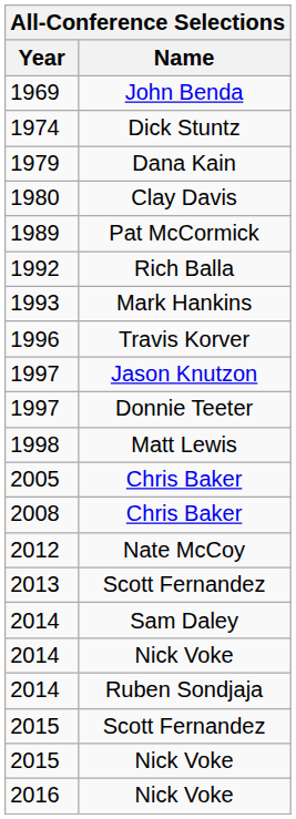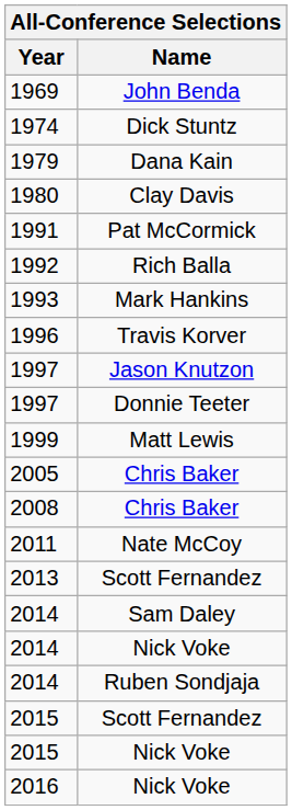 <table class="wikitable">
 <tr>
 <th colspan="2">All-Conference Selections</th>
 </tr>
 <tr>
 <th scope="col">Year</th>
 <th scope="col">Name</th>
 </tr>
 <tr>
 <td>1969</td>
 <td style="text-align: center;"><a href='#'>John Benda</a></td>
 </tr>
 <tr>
 <td>1974</td>
 <td style="text-align: center;">Dick Stuntz</td>
 </tr>
 <tr>
 <td>1979</td>
 <td style="text-align: center;">Dana Kain</td>
 </tr>
 <tr>
 <td>1980</td>
 <td style="text-align: center;">Clay Davis</td>
 </tr>
 <tr>
-<td>1989</td>
+<td>1991</td>
 <td style="text-align: center;">Pat McCormick</td>
 </tr>
 <tr>
 <td>1992</td>
 <td style="text-align: center;">Rich Balla</td>
 </tr>
 <tr>
 <td>1993</td>
 <td style="text-align: center;">Mark Hankins</td>
 </tr>
 <tr>
 <td>1996</td>
 <td style="text-align: center;">Travis Korver</td>
 </tr>
 <tr>
 <td>1997</td>
 <td style="text-align: center;"><a href='#'>Jason Knutzon</a></td>
 </tr>
 <tr>
 <td>1997</td>
 <td style="text-align: center;">Donnie Teeter</td>
 </tr>
 <tr>
-<td>1998</td>
+<td>1999</td>
 <td style="text-align: center;">Matt Lewis</td>
 </tr>
 <tr>
 <td>2005</td>
 <td style="text-align: center;"><a href='#'>Chris Baker</a></td>
 </tr>
 <tr>
 <td>2008</td>
 <td style="text-align: center;"><a href='#'>Chris Baker</a></td>
 </tr>
 <tr>
-<td>2012</td>
+<td>2011</td>
 <td style="text-align: center;">Nate McCoy</td>
 </tr>
 <tr>
 <td>2013</td>
 <td style="text-align: center;">Scott Fernandez</td>
 </tr>
 <tr>
 <td>2014</td>
 <td style="text-align: center;">Sam Daley</td>
 </tr>
 <tr>
 <td>2014</td>
 <td style="text-align: center;">Nick Voke</td>
 </tr>
 <tr>
 <td>2014</td>
 <td style="text-align: center;">Ruben Sondjaja</td>
 </tr>
 <tr>
 <td>2015</td>
 <td style="text-align: center;">Scott Fernandez</td>
 </tr>
 <tr>
 <td>2015</td>
 <td style="text-align: center;">Nick Voke</td>
 </tr>
 <tr>
 <td>2016</td>
 <td style="text-align: center;">Nick Voke</td>
 </tr>
 </table>
